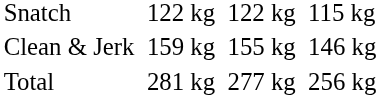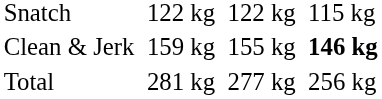 <table>
 <tr>
 <td>Snatch</td>
 <td></td>
 <td>122 kg</td>
 <td></td>
 <td>122 kg</td>
 <td></td>
 <td>115 kg</td>
 </tr>
 <tr>
 <td>Clean & Jerk</td>
 <td></td>
 <td>159 kg</td>
 <td></td>
 <td>155 kg</td>
 <td></td>
-<td>146 kg</td>
+<td><strong>146 kg</strong></td>
 </tr>
 <tr>
 <td>Total</td>
 <td></td>
 <td>281 kg</td>
 <td></td>
 <td>277 kg</td>
 <td></td>
 <td>256 kg</td>
 </tr>
 </table>
